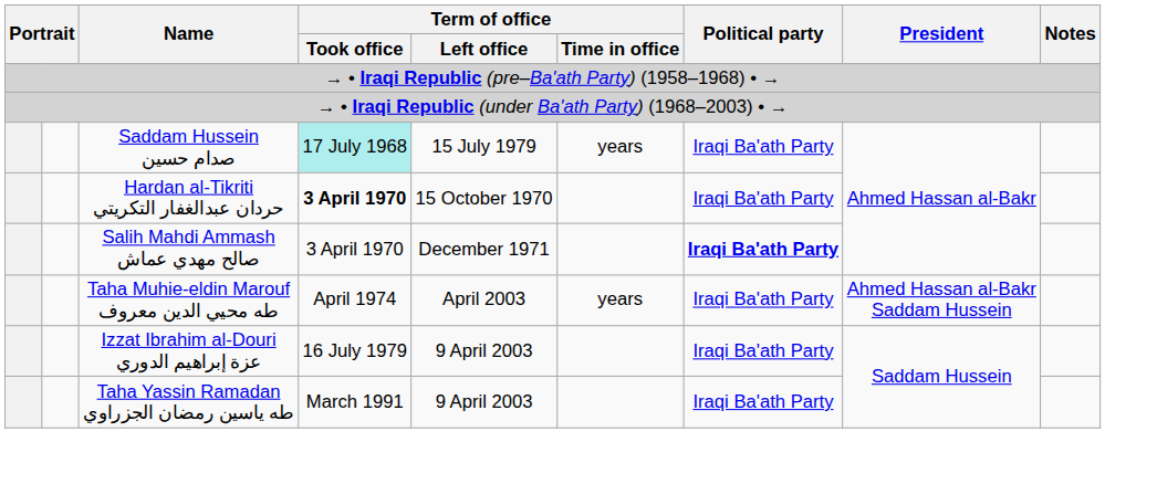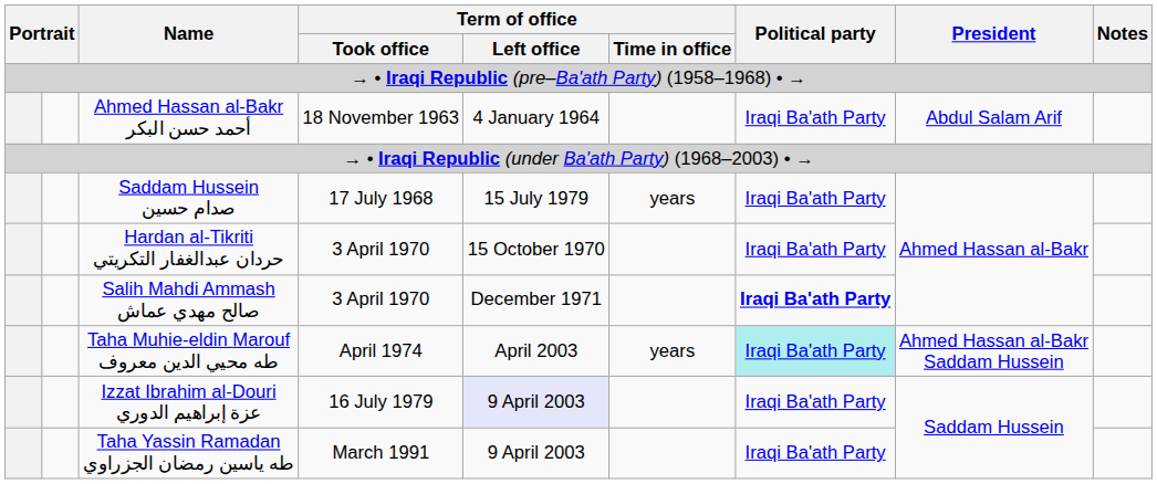 <table class="wikitable" style="text-align:center">
 <tr>
 <th colspan="2" rowspan="2">Portrait</th>
 <th rowspan="2">Name<br></th>
 <th colspan="3">Term of office</th>
 <th rowspan="2">Political party</th>
 <th rowspan="2"><a href='#'>President</a></th>
 <th rowspan="2">Notes</th>
 </tr>
 <tr>
 <th>Took office</th>
 <th>Left office</th>
 <th>Time in office</th>
 </tr>
 <tr>
 <td colspan="9" bgcolor="lightgrey"> →  • <strong><a href='#'>Iraqi Republic</a></strong> <em>(pre–<a href='#'>Ba'ath Party</a>)</em> (1958–1968) •  → </td>
 </tr>
 <tr>
+<th style="background-color:"></th>
+<td></td>
+<td><a href='#'>Ahmed Hassan al-Bakr</a><br>أحمد حسن البكر<br></td>
+<td>18 November 1963</td>
+<td>4 January 1964</td>
+<td></td>
+<td><a href='#'>Iraqi Ba'ath Party</a><br></td>
+<td><a href='#'>Abdul Salam Arif</a></td>
+<td></td>
+</tr>
+<tr>
 <td colspan="9" bgcolor="lightgrey"> →  • <strong><a href='#'>Iraqi Republic</a></strong> <em>(under <a href='#'>Ba'ath Party</a>)</em> (1968–2003) •  → </td>
 </tr>
 <tr>
 <th style="background-color:"></th>
 <td></td>
 <td><a href='#'>Saddam Hussein</a><br>صدام حسين<br></td>
-<td style="background: paleturquoise;">17 July 1968</td>
+<td>17 July 1968</td>
 <td>15 July 1979</td>
 <td> years</td>
 <td><a href='#'>Iraqi Ba'ath Party</a><br></td>
 <td rowspan="3"><a href='#'>Ahmed Hassan al-Bakr</a></td>
 <td></td>
 </tr>
 <tr>
 <th style="background-color:"></th>
 <td></td>
 <td><a href='#'>Hardan al-Tikriti</a><br>حردان عبدالغفار التكريتي<br></td>
-<td><strong>3 April 1970</strong></td>
+<td>3 April 1970</td>
 <td>15 October 1970</td>
 <td></td>
 <td><a href='#'>Iraqi Ba'ath Party</a><br></td>
 <td></td>
 </tr>
 <tr>
 <th style="background-color:"></th>
 <td></td>
 <td><a href='#'>Salih Mahdi Ammash</a><br>صالح مهدي عماش<br></td>
 <td>3 April 1970</td>
 <td>December 1971</td>
 <td></td>
 <td><strong><a href='#'>Iraqi Ba'ath Party</a><br></strong></td>
 <td></td>
 </tr>
 <tr>
 <th style="background-color:"></th>
 <td></td>
 <td><a href='#'>Taha Muhie-eldin Marouf</a><br>طه محيي الدين معروف<br></td>
 <td>April 1974</td>
 <td>April 2003</td>
 <td> years</td>
-<td><a href='#'>Iraqi Ba'ath Party</a><br></td>
+<td style="background: paleturquoise;"><a href='#'>Iraqi Ba'ath Party</a><br></td>
 <td><a href='#'>Ahmed Hassan al-Bakr</a><br><a href='#'>Saddam Hussein</a></td>
 <td></td>
 </tr>
 <tr>
 <th style="background-color:"></th>
 <td></td>
 <td><a href='#'>Izzat Ibrahim al-Douri</a><br>عزة إبراهيم الدوري<br></td>
 <td>16 July 1979</td>
-<td>9 April 2003</td>
+<td style="background: lavender;">9 April 2003</td>
 <td></td>
 <td><a href='#'>Iraqi Ba'ath Party</a><br></td>
 <td rowspan="2"><a href='#'>Saddam Hussein</a></td>
 <td></td>
 </tr>
 <tr>
 <th style="background-color:"></th>
 <td></td>
 <td><a href='#'>Taha Yassin Ramadan</a><br>طه ياسين رمضان الجزراوي‎<br></td>
 <td>March 1991</td>
 <td>9 April 2003</td>
 <td></td>
 <td><a href='#'>Iraqi Ba'ath Party</a><br></td>
 <td></td>
 </tr>
 </table>
